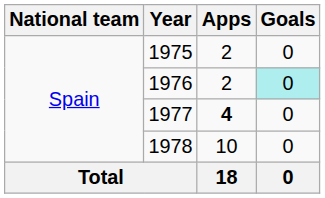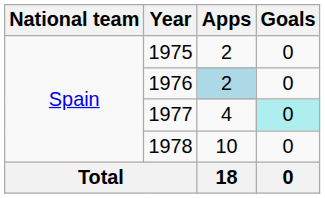 <table class="wikitable" style="text-align: center;">
 <tr>
 <th>National team</th>
 <th>Year</th>
 <th>Apps</th>
 <th>Goals</th>
 </tr>
 <tr>
 <td rowspan="4"><a href='#'>Spain</a></td>
 <td>1975</td>
 <td>2</td>
 <td>0</td>
 </tr>
 <tr>
 <td>1976</td>
-<td>2</td>
-<td style="background: paleturquoise;">0</td>
+<td style="background: lightblue;">2</td>
+<td>0</td>
 </tr>
 <tr>
 <td>1977</td>
-<td><strong>4</strong></td>
-<td>0</td>
+<td>4</td>
+<td style="background: paleturquoise;">0</td>
 </tr>
 <tr>
 <td>1978</td>
 <td>10</td>
 <td>0</td>
 </tr>
 <tr>
 <th colspan="2">Total</th>
 <th>18</th>
 <th>0</th>
 </tr>
 </table>
